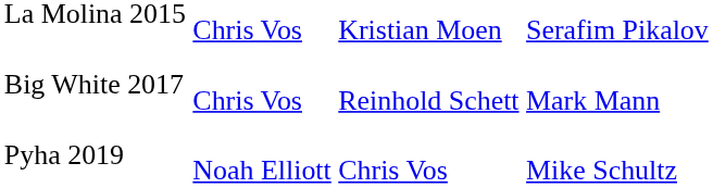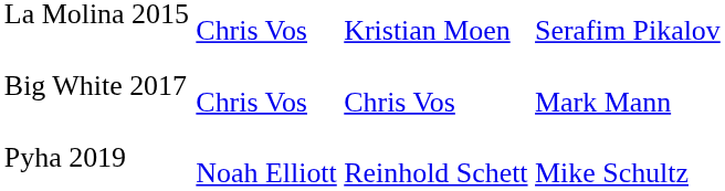 <table>
 <tr>
 <td>La Molina 2015</td>
 <td><br><a href='#'>Chris Vos</a></td>
 <td><br><a href='#'>Kristian Moen</a></td>
 <td><br><a href='#'>Serafim Pikalov</a></td>
 </tr>
 <tr>
 <td>Big White 2017</td>
 <td><br><a href='#'>Chris Vos</a></td>
-<td><br><a href='#'>Reinhold Schett</a></td>
+<td><br><a href='#'>Chris Vos</a></td>
 <td><br><a href='#'>Mark Mann</a></td>
 </tr>
 <tr>
 <td>Pyha 2019</td>
 <td><br><a href='#'>Noah Elliott</a></td>
-<td><br><a href='#'>Chris Vos</a></td>
+<td><br><a href='#'>Reinhold Schett</a></td>
 <td><br><a href='#'>Mike Schultz</a></td>
 </tr>
 </table>
